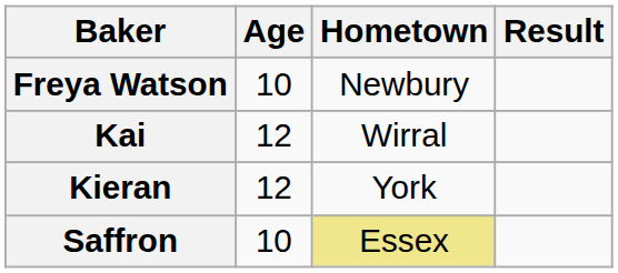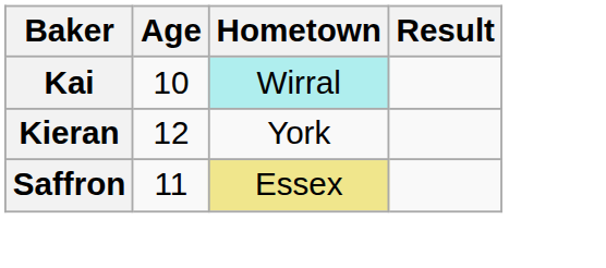 <table class="wikitable sortable" style="display:inline-table; text-align:center">
 <tr>
 <th scope="col">Baker</th>
 <th scope="col">Age</th>
 <th scope="col">Hometown</th>
 <th scope="col">Result</th>
 </tr>
 <tr>
-<th scope="row">Freya Watson</th>
+<th scope="row">Kai</th>
 <td>10</td>
-<td>Newbury</td>
-<td></td>
-</tr>
-<tr>
-<th scope="row">Kai</th>
-<td>12</td>
-<td>Wirral</td>
+<td style="background: paleturquoise;">Wirral</td>
 <td></td>
 </tr>
 <tr>
 <th scope="row">Kieran</th>
 <td>12</td>
 <td>York</td>
 <td></td>
 </tr>
 <tr>
 <th scope="row">Saffron</th>
-<td>10</td>
+<td>11</td>
 <td style="background: khaki;">Essex</td>
 <td></td>
 </tr>
 </table>
